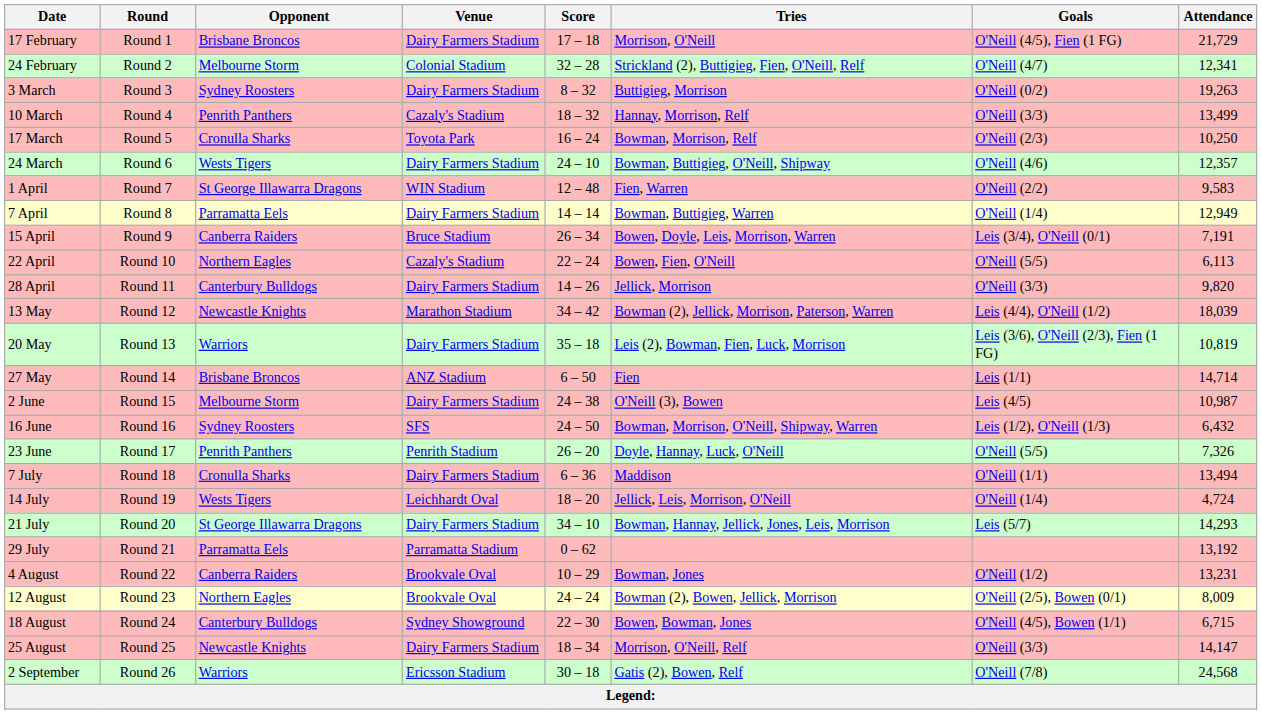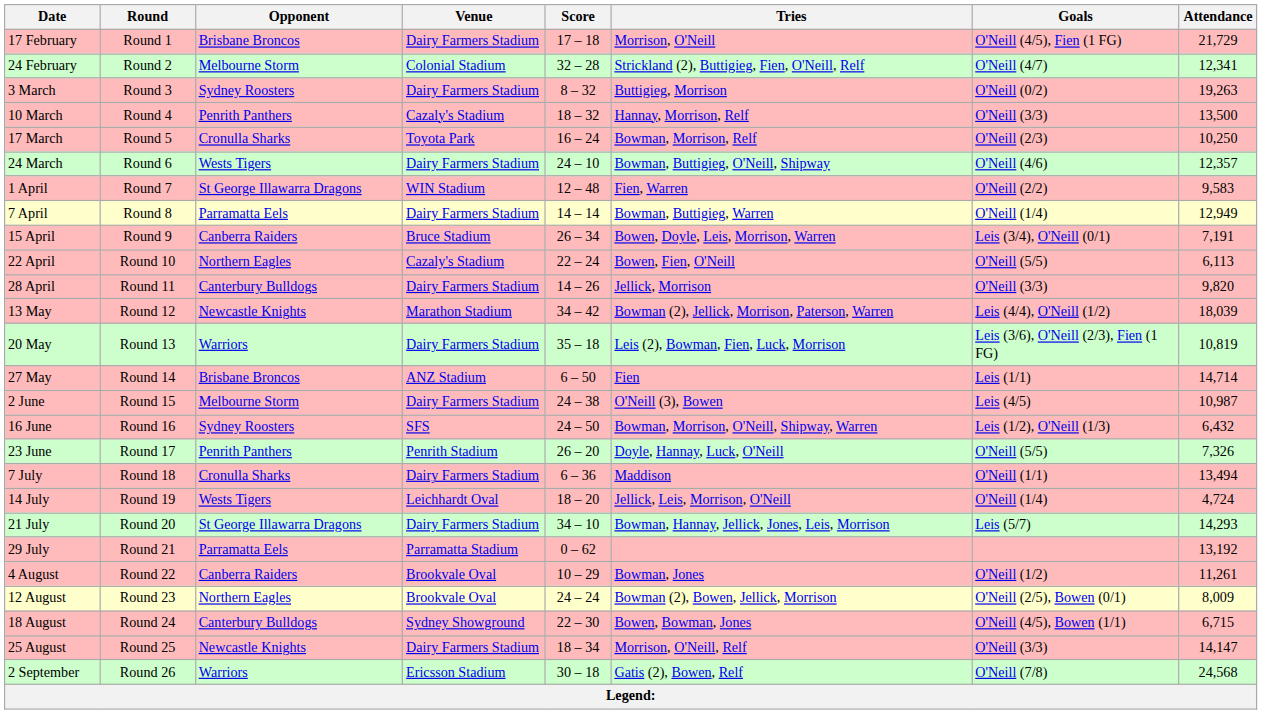 <table class="wikitable" style="font-size:75%;">
 <tr>
 <th style="width:75px;">Date</th>
 <th style="width:75px;">Round</th>
 <th style="width:170px;">Opponent</th>
 <th style="width:115px;">Venue</th>
 <th style="width:50px;">Score</th>
 <th style="width:300px;">Tries</th>
 <th style="width:170px;">Goals</th>
 <th style="width:60px;">Attendance</th>
 </tr>
 <tr style="background:#FFBBBB">
 <td>17 February</td>
 <td style="text-align:center;">Round 1</td>
 <td> <a href='#'>Brisbane Broncos</a></td>
 <td><a href='#'>Dairy Farmers Stadium</a></td>
 <td style="text-align:center;">17 – 18</td>
 <td><a href='#'>Morrison</a>, <a href='#'>O'Neill</a></td>
 <td><a href='#'>O'Neill</a> (4/5), <a href='#'>Fien</a> (1 FG)</td>
 <td style="text-align:center;">21,729</td>
 </tr>
 <tr style="background:#CCFFCC">
 <td>24 February</td>
 <td style="text-align:center;">Round 2</td>
 <td> <a href='#'>Melbourne Storm</a></td>
 <td><a href='#'>Colonial Stadium</a></td>
 <td style="text-align:center;">32 – 28</td>
 <td><a href='#'>Strickland</a> (2), <a href='#'>Buttigieg</a>, <a href='#'>Fien</a>, <a href='#'>O'Neill</a>, <a href='#'>Relf</a></td>
 <td><a href='#'>O'Neill</a> (4/7)</td>
 <td style="text-align:center;">12,341</td>
 </tr>
 <tr style="background:#FFBBBB">
 <td>3 March</td>
 <td style="text-align:center;">Round 3</td>
 <td> <a href='#'>Sydney Roosters</a></td>
 <td><a href='#'>Dairy Farmers Stadium</a></td>
 <td style="text-align:center;">8 – 32</td>
 <td><a href='#'>Buttigieg</a>, <a href='#'>Morrison</a></td>
 <td><a href='#'>O'Neill</a> (0/2)</td>
 <td style="text-align:center;">19,263</td>
 </tr>
 <tr style="background:#FFBBBB">
 <td>10 March</td>
 <td style="text-align:center;">Round 4</td>
 <td> <a href='#'>Penrith Panthers</a></td>
 <td><a href='#'>Cazaly's Stadium</a></td>
 <td style="text-align:center;">18 – 32</td>
 <td><a href='#'>Hannay</a>, <a href='#'>Morrison</a>, <a href='#'>Relf</a></td>
 <td><a href='#'>O'Neill</a> (3/3)</td>
-<td style="text-align:center;">13,499</td>
+<td style="text-align:center;">13,500</td>
 </tr>
 <tr style="background:#FFBBBB">
 <td>17 March</td>
 <td style="text-align:center;">Round 5</td>
 <td> <a href='#'>Cronulla Sharks</a></td>
 <td><a href='#'>Toyota Park</a></td>
 <td style="text-align:center;">16 – 24</td>
 <td><a href='#'>Bowman</a>, <a href='#'>Morrison</a>, <a href='#'>Relf</a></td>
 <td><a href='#'>O'Neill</a> (2/3)</td>
 <td style="text-align:center;">10,250</td>
 </tr>
 <tr style="background:#CCFFCC">
 <td>24 March</td>
 <td style="text-align:center;">Round 6</td>
 <td> <a href='#'>Wests Tigers</a></td>
 <td><a href='#'>Dairy Farmers Stadium</a></td>
 <td style="text-align:center;">24 – 10</td>
 <td><a href='#'>Bowman</a>, <a href='#'>Buttigieg</a>, <a href='#'>O'Neill</a>, <a href='#'>Shipway</a></td>
 <td><a href='#'>O'Neill</a> (4/6)</td>
 <td style="text-align:center;">12,357</td>
 </tr>
 <tr style="background:#FFBBBB">
 <td>1 April</td>
 <td style="text-align:center;">Round 7</td>
 <td> <a href='#'>St George Illawarra Dragons</a></td>
 <td><a href='#'>WIN Stadium</a></td>
 <td style="text-align:center;">12 – 48</td>
 <td><a href='#'>Fien</a>, <a href='#'>Warren</a></td>
 <td><a href='#'>O'Neill</a> (2/2)</td>
 <td style="text-align:center;">9,583</td>
 </tr>
 <tr style="background:#FFFFCC">
 <td>7 April</td>
 <td style="text-align:center;">Round 8</td>
 <td> <a href='#'>Parramatta Eels</a></td>
 <td><a href='#'>Dairy Farmers Stadium</a></td>
 <td style="text-align:center;">14 – 14</td>
 <td><a href='#'>Bowman</a>, <a href='#'>Buttigieg</a>, <a href='#'>Warren</a></td>
 <td><a href='#'>O'Neill</a> (1/4)</td>
 <td style="text-align:center;">12,949</td>
 </tr>
 <tr style="background:#FFBBBB">
 <td>15 April</td>
 <td style="text-align:center;">Round 9</td>
 <td> <a href='#'>Canberra Raiders</a></td>
 <td><a href='#'>Bruce Stadium</a></td>
 <td style="text-align:center;">26 – 34</td>
 <td><a href='#'>Bowen</a>, <a href='#'>Doyle</a>, <a href='#'>Leis</a>, <a href='#'>Morrison</a>, <a href='#'>Warren</a></td>
 <td><a href='#'>Leis</a> (3/4), <a href='#'>O'Neill</a> (0/1)</td>
 <td style="text-align:center;">7,191</td>
 </tr>
 <tr style="background:#FFBBBB">
 <td>22 April</td>
 <td style="text-align:center;">Round 10</td>
 <td> <a href='#'>Northern Eagles</a></td>
 <td><a href='#'>Cazaly's Stadium</a></td>
 <td style="text-align:center;">22 – 24</td>
 <td><a href='#'>Bowen</a>, <a href='#'>Fien</a>, <a href='#'>O'Neill</a></td>
 <td><a href='#'>O'Neill</a> (5/5)</td>
 <td style="text-align:center;">6,113</td>
 </tr>
 <tr style="background:#FFBBBB">
 <td>28 April</td>
 <td style="text-align:center;">Round 11</td>
 <td> <a href='#'>Canterbury Bulldogs</a></td>
 <td><a href='#'>Dairy Farmers Stadium</a></td>
 <td style="text-align:center;">14 – 26</td>
 <td><a href='#'>Jellick</a>, <a href='#'>Morrison</a></td>
 <td><a href='#'>O'Neill</a> (3/3)</td>
 <td style="text-align:center;">9,820</td>
 </tr>
 <tr style="background:#FFBBBB">
 <td>13 May</td>
 <td style="text-align:center;">Round 12</td>
 <td> <a href='#'>Newcastle Knights</a></td>
 <td><a href='#'>Marathon Stadium</a></td>
 <td style="text-align:center;">34 – 42</td>
 <td><a href='#'>Bowman</a> (2), <a href='#'>Jellick</a>, <a href='#'>Morrison</a>, <a href='#'>Paterson</a>, <a href='#'>Warren</a></td>
 <td><a href='#'>Leis</a> (4/4), <a href='#'>O'Neill</a> (1/2)</td>
 <td style="text-align:center;">18,039</td>
 </tr>
 <tr style="background:#CCFFCC">
 <td>20 May</td>
 <td style="text-align:center;">Round 13</td>
 <td> <a href='#'>Warriors</a></td>
 <td><a href='#'>Dairy Farmers Stadium</a></td>
 <td style="text-align:center;">35 – 18</td>
 <td><a href='#'>Leis</a> (2), <a href='#'>Bowman</a>, <a href='#'>Fien</a>, <a href='#'>Luck</a>, <a href='#'>Morrison</a></td>
 <td><a href='#'>Leis</a> (3/6), <a href='#'>O'Neill</a> (2/3), <a href='#'>Fien</a> (1 FG)</td>
 <td style="text-align:center;">10,819</td>
 </tr>
 <tr style="background:#FFBBBB">
 <td>27 May</td>
 <td style="text-align:center;">Round 14</td>
 <td> <a href='#'>Brisbane Broncos</a></td>
 <td><a href='#'>ANZ Stadium</a></td>
 <td style="text-align:center;">6 – 50</td>
 <td><a href='#'>Fien</a></td>
 <td><a href='#'>Leis</a> (1/1)</td>
 <td style="text-align:center;">14,714</td>
 </tr>
 <tr style="background:#FFBBBB">
 <td>2 June</td>
 <td style="text-align:center;">Round 15</td>
 <td> <a href='#'>Melbourne Storm</a></td>
 <td><a href='#'>Dairy Farmers Stadium</a></td>
 <td style="text-align:center;">24 – 38</td>
 <td><a href='#'>O'Neill</a> (3), <a href='#'>Bowen</a></td>
 <td><a href='#'>Leis</a> (4/5)</td>
 <td style="text-align:center;">10,987</td>
 </tr>
 <tr style="background:#FFBBBB">
 <td>16 June</td>
 <td style="text-align:center;">Round 16</td>
 <td> <a href='#'>Sydney Roosters</a></td>
 <td><a href='#'>SFS</a></td>
 <td style="text-align:center;">24 – 50</td>
 <td><a href='#'>Bowman</a>, <a href='#'>Morrison</a>, <a href='#'>O'Neill</a>, <a href='#'>Shipway</a>, <a href='#'>Warren</a></td>
 <td><a href='#'>Leis</a> (1/2), <a href='#'>O'Neill</a> (1/3)</td>
 <td style="text-align:center;">6,432</td>
 </tr>
 <tr style="background:#CCFFCC">
 <td>23 June</td>
 <td style="text-align:center;">Round 17</td>
 <td> <a href='#'>Penrith Panthers</a></td>
 <td><a href='#'>Penrith Stadium</a></td>
 <td style="text-align:center;">26 – 20</td>
 <td><a href='#'>Doyle</a>, <a href='#'>Hannay</a>, <a href='#'>Luck</a>, <a href='#'>O'Neill</a></td>
 <td><a href='#'>O'Neill</a> (5/5)</td>
 <td style="text-align:center;">7,326</td>
 </tr>
 <tr style="background:#FFBBBB">
 <td>7 July</td>
 <td style="text-align:center;">Round 18</td>
 <td> <a href='#'>Cronulla Sharks</a></td>
 <td><a href='#'>Dairy Farmers Stadium</a></td>
 <td style="text-align:center;">6  – 36</td>
 <td><a href='#'>Maddison</a></td>
 <td><a href='#'>O'Neill</a> (1/1)</td>
 <td style="text-align:center;">13,494</td>
 </tr>
 <tr style="background:#FFBBBB">
 <td>14 July</td>
 <td style="text-align:center;">Round 19</td>
 <td> <a href='#'>Wests Tigers</a></td>
 <td><a href='#'>Leichhardt Oval</a></td>
 <td style="text-align:center;">18 – 20</td>
 <td><a href='#'>Jellick</a>, <a href='#'>Leis</a>, <a href='#'>Morrison</a>, <a href='#'>O'Neill</a></td>
 <td><a href='#'>O'Neill</a> (1/4)</td>
 <td style="text-align:center;">4,724</td>
 </tr>
 <tr style="background:#CCFFCC">
 <td>21 July</td>
 <td style="text-align:center;">Round 20</td>
 <td> <a href='#'>St George Illawarra Dragons</a></td>
 <td><a href='#'>Dairy Farmers Stadium</a></td>
 <td style="text-align:center;">34 – 10</td>
 <td><a href='#'>Bowman</a>, <a href='#'>Hannay</a>, <a href='#'>Jellick</a>, <a href='#'>Jones</a>, <a href='#'>Leis</a>, <a href='#'>Morrison</a></td>
 <td><a href='#'>Leis</a> (5/7)</td>
 <td style="text-align:center;">14,293</td>
 </tr>
 <tr style="background:#FFBBBB">
 <td>29 July</td>
 <td style="text-align:center;">Round 21</td>
 <td> <a href='#'>Parramatta Eels</a></td>
 <td><a href='#'>Parramatta Stadium</a></td>
 <td style="text-align:center;">0 – 62</td>
 <td></td>
 <td></td>
 <td style="text-align:center;">13,192</td>
 </tr>
 <tr style="background:#FFBBBB">
 <td>4 August</td>
 <td style="text-align:center;">Round 22</td>
 <td> <a href='#'>Canberra Raiders</a></td>
 <td><a href='#'>Brookvale Oval</a></td>
 <td style="text-align:center;">10 – 29</td>
 <td><a href='#'>Bowman</a>, <a href='#'>Jones</a></td>
 <td><a href='#'>O'Neill</a> (1/2)</td>
-<td style="text-align:center;">13,231</td>
+<td style="text-align:center;">11,261</td>
 </tr>
 <tr style="background:#FFFFCC">
 <td>12 August</td>
 <td style="text-align:center;">Round 23</td>
 <td> <a href='#'>Northern Eagles</a></td>
 <td><a href='#'>Brookvale Oval</a></td>
 <td style="text-align:center;">24 – 24</td>
 <td><a href='#'>Bowman</a> (2), <a href='#'>Bowen</a>, <a href='#'>Jellick</a>, <a href='#'>Morrison</a></td>
 <td><a href='#'>O'Neill</a> (2/5), <a href='#'>Bowen</a> (0/1)</td>
 <td style="text-align:center;">8,009</td>
 </tr>
 <tr style="background:#FFBBBB">
 <td>18 August</td>
 <td style="text-align:center;">Round 24</td>
 <td> <a href='#'>Canterbury Bulldogs</a></td>
 <td><a href='#'>Sydney Showground</a></td>
 <td style="text-align:center;">22 – 30</td>
 <td><a href='#'>Bowen</a>, <a href='#'>Bowman</a>, <a href='#'>Jones</a></td>
 <td><a href='#'>O'Neill</a> (4/5), <a href='#'>Bowen</a> (1/1)</td>
 <td style="text-align:center;">6,715</td>
 </tr>
 <tr style="background:#FFBBBB">
 <td>25 August</td>
 <td style="text-align:center;">Round 25</td>
 <td> <a href='#'>Newcastle Knights</a></td>
 <td><a href='#'>Dairy Farmers Stadium</a></td>
 <td style="text-align:center;">18 – 34</td>
 <td><a href='#'>Morrison</a>, <a href='#'>O'Neill</a>, <a href='#'>Relf</a></td>
 <td><a href='#'>O'Neill</a> (3/3)</td>
 <td style="text-align:center;">14,147</td>
 </tr>
 <tr style="background:#CCFFCC">
 <td>2 September</td>
 <td style="text-align:center;">Round 26</td>
 <td> <a href='#'>Warriors</a></td>
 <td><a href='#'>Ericsson Stadium</a></td>
 <td style="text-align:center;">30 – 18</td>
 <td><a href='#'>Gatis</a> (2), <a href='#'>Bowen</a>, <a href='#'>Relf</a></td>
 <td><a href='#'>O'Neill</a> (7/8)</td>
 <td style="text-align:center;">24,568</td>
 </tr>
 <tr>
 <th colspan="11"><strong>Legend</strong>:    </th>
 </tr>
 </table>
